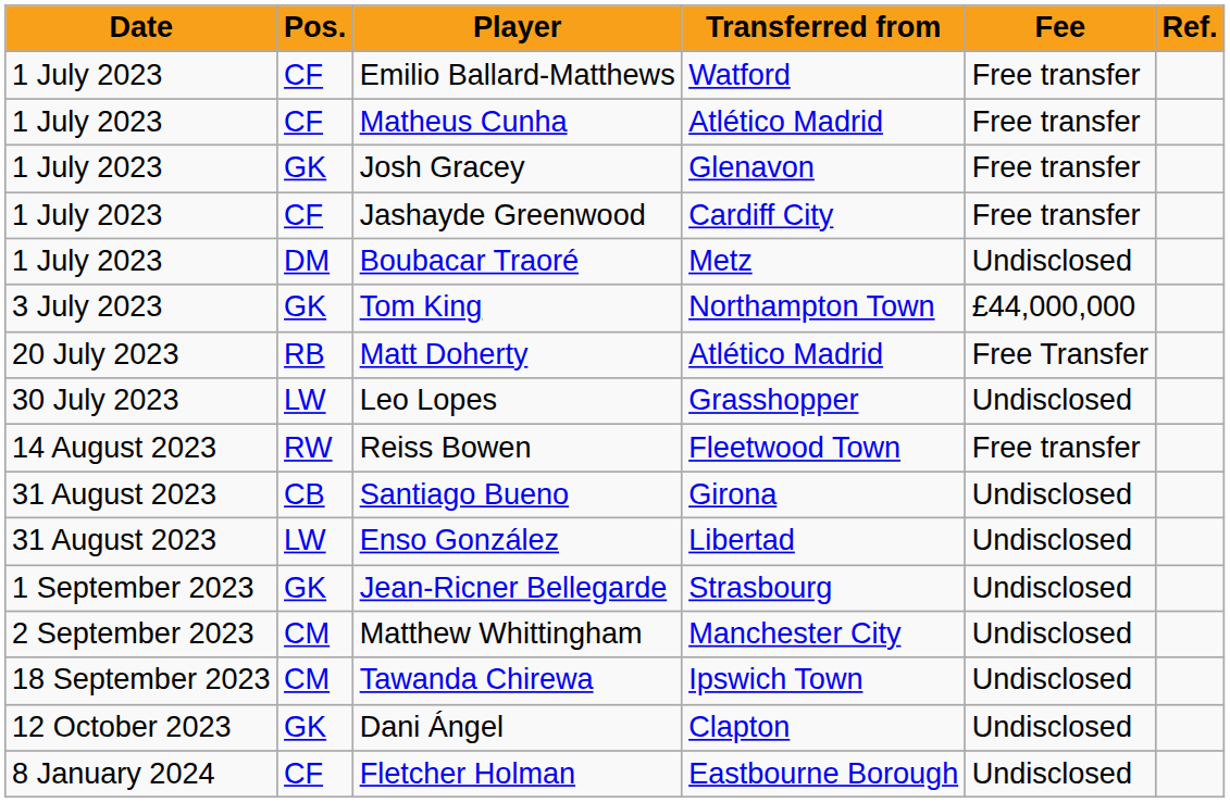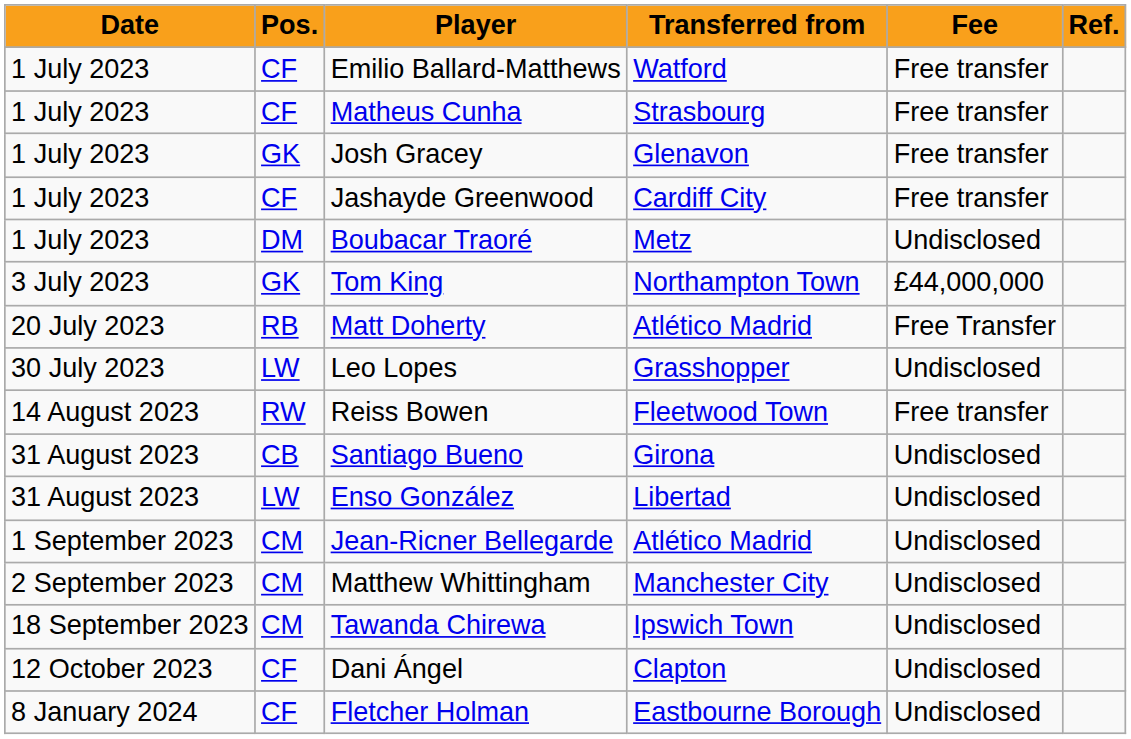 <table class="wikitable plainrowheaders sortable">
 <tr>
 <th style="background:#F9A01B; color:#000000; ">Date</th>
 <th style="background:#F9A01B; color:#000000; ">Pos.</th>
 <th style="background:#F9A01B; color:#000000; ">Player</th>
 <th style="background:#F9A01B; color:#000000; ">Transferred from</th>
 <th style="background:#F9A01B; color:#000000; ">Fee</th>
 <th style="background:#F9A01B; color:#000000; ">Ref.</th>
 </tr>
 <tr>
 <td>1 July 2023</td>
 <td><a href='#'>CF</a></td>
 <td> Emilio Ballard-Matthews</td>
 <td> <a href='#'>Watford</a></td>
 <td>Free transfer</td>
 <td></td>
 </tr>
 <tr>
 <td>1 July 2023</td>
 <td><a href='#'>CF</a></td>
 <td> <a href='#'>Matheus Cunha</a></td>
-<td> <a href='#'>Atlético Madrid</a></td>
+<td> <a href='#'>Strasbourg</a></td>
 <td>Free transfer</td>
 <td></td>
 </tr>
 <tr>
 <td>1 July 2023</td>
 <td><a href='#'>GK</a></td>
 <td> Josh Gracey</td>
 <td> <a href='#'>Glenavon</a></td>
 <td>Free transfer</td>
 <td></td>
 </tr>
 <tr>
 <td>1 July 2023</td>
 <td><a href='#'>CF</a></td>
 <td> Jashayde Greenwood</td>
 <td> <a href='#'>Cardiff City</a></td>
 <td>Free transfer</td>
 <td></td>
 </tr>
 <tr>
 <td>1 July 2023</td>
 <td><a href='#'>DM</a></td>
 <td> <a href='#'>Boubacar Traoré</a></td>
 <td> <a href='#'>Metz</a></td>
 <td>Undisclosed</td>
 <td></td>
 </tr>
 <tr>
 <td>3 July 2023</td>
 <td><a href='#'>GK</a></td>
 <td> <a href='#'>Tom King</a></td>
 <td> <a href='#'>Northampton Town</a></td>
 <td>£44,000,000</td>
 <td></td>
 </tr>
 <tr>
 <td>20 July 2023</td>
 <td><a href='#'>RB</a></td>
 <td> <a href='#'>Matt Doherty</a></td>
 <td> <a href='#'>Atlético Madrid</a></td>
 <td>Free Transfer</td>
 <td></td>
 </tr>
 <tr>
 <td>30 July 2023</td>
 <td><a href='#'>LW</a></td>
 <td> Leo Lopes</td>
 <td> <a href='#'>Grasshopper</a></td>
 <td>Undisclosed</td>
 <td></td>
 </tr>
 <tr>
 <td>14 August 2023</td>
 <td><a href='#'>RW</a></td>
 <td> Reiss Bowen</td>
 <td> <a href='#'>Fleetwood Town</a></td>
 <td>Free transfer</td>
 <td></td>
 </tr>
 <tr>
 <td>31 August 2023</td>
 <td><a href='#'>CB</a></td>
 <td> <a href='#'>Santiago Bueno</a></td>
 <td> <a href='#'>Girona</a></td>
 <td>Undisclosed</td>
 <td></td>
 </tr>
 <tr>
 <td>31 August 2023</td>
 <td><a href='#'>LW</a></td>
 <td> <a href='#'>Enso González</a></td>
 <td> <a href='#'>Libertad</a></td>
 <td>Undisclosed</td>
 <td></td>
 </tr>
 <tr>
 <td>1 September 2023</td>
-<td><a href='#'>GK</a></td>
+<td><a href='#'>CM</a></td>
 <td> <a href='#'>Jean-Ricner Bellegarde</a></td>
-<td> <a href='#'>Strasbourg</a></td>
+<td> <a href='#'>Atlético Madrid</a></td>
 <td>Undisclosed</td>
 <td></td>
 </tr>
 <tr>
 <td>2 September 2023</td>
 <td><a href='#'>CM</a></td>
 <td> Matthew Whittingham</td>
 <td> <a href='#'>Manchester City</a></td>
 <td>Undisclosed</td>
 <td></td>
 </tr>
 <tr>
 <td>18 September 2023</td>
 <td><a href='#'>CM</a></td>
 <td> <a href='#'>Tawanda Chirewa</a></td>
 <td> <a href='#'>Ipswich Town</a></td>
 <td>Undisclosed</td>
 <td></td>
 </tr>
 <tr>
 <td>12 October 2023</td>
-<td><a href='#'>GK</a></td>
+<td><a href='#'>CF</a></td>
 <td> Dani Ángel</td>
 <td> <a href='#'>Clapton</a></td>
 <td>Undisclosed</td>
 <td></td>
 </tr>
 <tr>
 <td>8 January 2024</td>
 <td><a href='#'>CF</a></td>
 <td> <a href='#'>Fletcher Holman</a></td>
 <td> <a href='#'>Eastbourne Borough</a></td>
 <td>Undisclosed</td>
 <td></td>
 </tr>
 </table>
